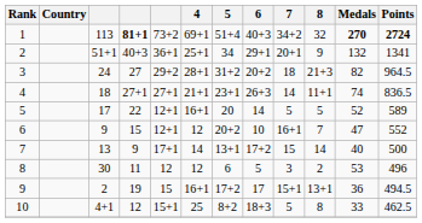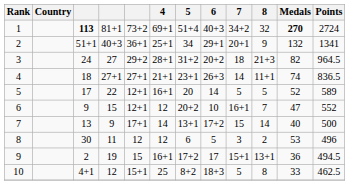 <table class="wikitable sortable" style="width:font-size:90%; text-align:center">
 <tr>
 <th>Rank</th>
 <th>Country</th>
 <th></th>
 <th></th>
 <th></th>
 <th>4</th>
 <th>5</th>
 <th>6</th>
 <th>7</th>
 <th>8</th>
 <th>Medals</th>
 <th>Points</th>
 </tr>
 <tr>
 <td>1</td>
 <td align=left></td>
-<td>113</td>
-<td><strong>81+1</strong></td>
+<td><strong>113</strong></td>
+<td>81+1</td>
 <td>73+2</td>
 <td>69+1</td>
 <td>51+4</td>
 <td>40+3</td>
 <td>34+2</td>
 <td>32</td>
 <td><strong>270</strong></td>
-<td><strong>2724</strong></td>
+<td>2724</td>
 </tr>
 <tr>
 <td>2</td>
 <td align=left></td>
 <td>51+1</td>
 <td>40+3</td>
 <td>36+1</td>
 <td>25+1</td>
 <td>34</td>
 <td>29+1</td>
 <td>20+1</td>
 <td>9</td>
 <td>132</td>
 <td>1341</td>
 </tr>
 <tr>
 <td>3</td>
 <td align=left></td>
 <td>24</td>
 <td>27</td>
 <td>29+2</td>
 <td>28+1</td>
 <td>31+2</td>
 <td>20+2</td>
 <td>18</td>
 <td>21+3</td>
 <td>82</td>
 <td>964.5</td>
 </tr>
 <tr>
 <td>4</td>
 <td align=left></td>
 <td>18</td>
 <td>27+1</td>
 <td>27+1</td>
 <td>21+1</td>
 <td>23+1</td>
 <td>26+3</td>
 <td>14</td>
 <td>11+1</td>
 <td>74</td>
 <td>836.5</td>
 </tr>
 <tr>
 <td>5</td>
 <td align="left"></td>
 <td>17</td>
 <td>22</td>
 <td>12+1</td>
 <td>16+1</td>
 <td>20</td>
 <td>14</td>
 <td>5</td>
 <td>5</td>
 <td>52</td>
 <td>589</td>
 </tr>
 <tr>
 <td>6</td>
 <td align="left"></td>
 <td>9</td>
 <td>15</td>
 <td>12+1</td>
 <td>12</td>
 <td>20+2</td>
 <td>10</td>
 <td>16+1</td>
 <td>7</td>
 <td>47</td>
 <td>552</td>
 </tr>
 <tr>
 <td>7</td>
 <td align="left"></td>
 <td>13</td>
 <td>9</td>
 <td>17+1</td>
 <td>14</td>
 <td>13+1</td>
 <td>17+2</td>
 <td>15</td>
 <td>14</td>
 <td>40</td>
 <td>500</td>
 </tr>
 <tr>
 <td>8</td>
 <td align=left></td>
 <td>30</td>
 <td>11</td>
 <td>12</td>
 <td>12</td>
 <td>6</td>
 <td>5</td>
 <td>3</td>
 <td>2</td>
 <td>53</td>
 <td>496</td>
 </tr>
 <tr>
 <td>9</td>
 <td align=left></td>
 <td>2</td>
 <td>19</td>
 <td>15</td>
 <td>16+1</td>
 <td>17+2</td>
 <td>17</td>
 <td>15+1</td>
 <td>13+1</td>
 <td>36</td>
 <td>494.5</td>
 </tr>
 <tr>
 <td>10</td>
 <td align=left></td>
 <td>4+1</td>
 <td>12</td>
 <td>15+1</td>
 <td>25</td>
 <td>8+2</td>
 <td>18+3</td>
 <td>5</td>
 <td>8</td>
 <td>33</td>
 <td>462.5</td>
 </tr>
 <tr>
 </tr>
 </table>
